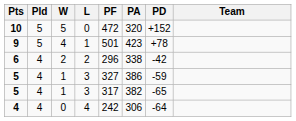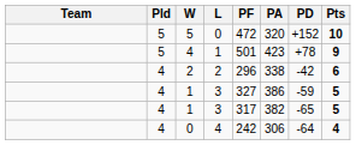 <table class=wikitable style="text-align:center">
 <tr>
-<th width=30>Pts</th>
+<th width=180>Team</th>
 <th width=30>Pld</th>
 <th width=30>W</th>
 <th width=30>L</th>
 <th width=30>PF</th>
 <th width=30>PA</th>
 <th width=30>PD</th>
-<th width=180>Team</th>
+<th width=30>Pts</th>
 </tr>
 <tr>
-<td><strong>10</strong></td>
+<td align="left"></td>
 <td>5</td>
 <td>5</td>
 <td>0</td>
 <td>472</td>
 <td>320</td>
 <td>+152</td>
-<td align="left"></td>
+<td><strong>10</strong></td>
 </tr>
 <tr>
-<td><strong>9</strong></td>
+<td align="left"></td>
 <td>5</td>
 <td>4</td>
 <td>1</td>
 <td>501</td>
 <td>423</td>
 <td>+78</td>
-<td align="left"></td>
+<td><strong>9</strong></td>
 </tr>
 <tr>
-<td><strong>6</strong></td>
+<td align="left"></td>
 <td>4</td>
 <td>2</td>
 <td>2</td>
 <td>296</td>
 <td>338</td>
 <td>-42</td>
-<td align="left"></td>
+<td><strong>6</strong></td>
 </tr>
 <tr>
-<td><strong>5</strong></td>
+<td align="left"></td>
 <td>4</td>
 <td>1</td>
 <td>3</td>
 <td>327</td>
 <td>386</td>
 <td>-59</td>
-<td align="left"></td>
+<td><strong>5</strong></td>
 </tr>
 <tr>
-<td><strong>5</strong></td>
+<td align="left"></td>
 <td>4</td>
 <td>1</td>
 <td>3</td>
 <td>317</td>
 <td>382</td>
 <td>-65</td>
-<td align="left"></td>
+<td><strong>5</strong></td>
 </tr>
 <tr>
-<td><strong>4</strong></td>
+<td align="left"></td>
 <td>4</td>
 <td>0</td>
 <td>4</td>
 <td>242</td>
 <td>306</td>
 <td>-64</td>
-<td align="left"></td>
+<td><strong>4</strong></td>
 </tr>
 </table>
